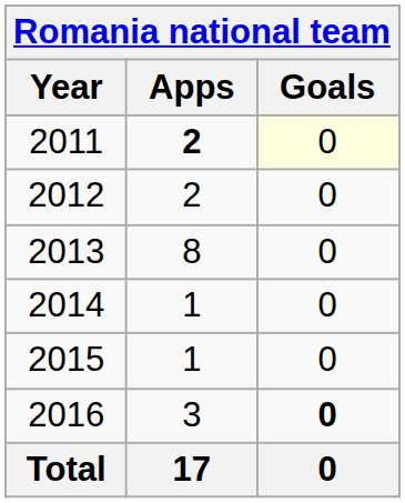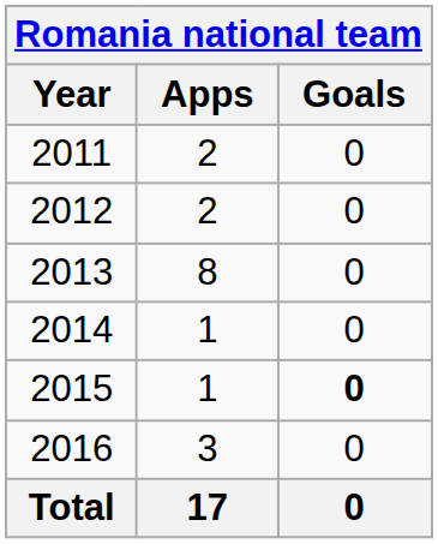 <table class="wikitable" style="text-align:center">
 <tr>
 <th colspan=3><a href='#'>Romania national team</a></th>
 </tr>
 <tr>
 <th>Year</th>
 <th>Apps</th>
 <th>Goals</th>
 </tr>
 <tr>
 <td>2011</td>
-<td><strong>2</strong></td>
-<td style="background: lightyellow;">0</td>
+<td>2</td>
+<td>0</td>
 </tr>
 <tr>
 <td>2012</td>
 <td>2</td>
 <td>0</td>
 </tr>
 <tr>
 <td>2013</td>
 <td>8</td>
 <td>0</td>
 </tr>
 <tr>
 <td>2014</td>
 <td>1</td>
 <td>0</td>
 </tr>
 <tr>
 <td>2015</td>
 <td>1</td>
-<td>0</td>
+<td><strong>0</strong></td>
 </tr>
 <tr>
 <td>2016</td>
 <td>3</td>
-<td><strong>0</strong></td>
+<td>0</td>
 </tr>
 <tr>
 <th>Total</th>
 <th>17</th>
 <th>0</th>
 </tr>
 </table>
